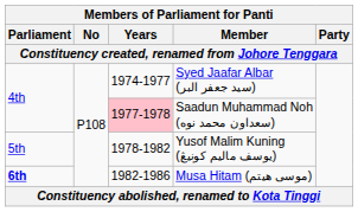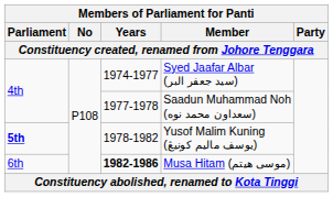 <table class=wikitable>
 <tr>
 <th colspan="5">Members of Parliament for Panti</th>
 </tr>
 <tr>
 <th>Parliament</th>
 <th>No</th>
 <th>Years</th>
 <th>Member</th>
 <th>Party</th>
 </tr>
 <tr>
 <th colspan="5" align="center"><em>Constituency created, renamed from <a href='#'>Johore Tenggara</a></em></th>
 </tr>
 <tr>
 <td rowspan=2><a href='#'>4th</a></td>
 <td rowspan="4">P108</td>
 <td>1974-1977</td>
 <td><a href='#'>Syed Jaafar Albar</a>  <br>(سيد جعفر البر)</td>
 <td rowspan=4></td>
 </tr>
 <tr>
-<td style="background: pink;">1977-1978</td>
+<td>1977-1978</td>
 <td>Saadun Muhammad Noh  <br>(سعداون محمد نوه)</td>
 </tr>
 <tr>
-<td><a href='#'>5th</a></td>
+<td><strong><a href='#'>5th</a></strong></td>
 <td>1978-1982</td>
 <td>Yusof Malim Kuning  <br>(يوسف ماليم كونيڠ)</td>
 </tr>
 <tr>
-<td><strong><a href='#'>6th</a></strong></td>
-<td>1982-1986</td>
+<td><a href='#'>6th</a></td>
+<td><strong>1982-1986</strong></td>
 <td><a href='#'>Musa Hitam</a> (موسى هيتم‎)</td>
 </tr>
 <tr>
 <th colspan="5" align="center"><em>Constituency abolished, renamed to <a href='#'>Kota Tinggi</a></em></th>
 </tr>
 </table>
